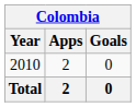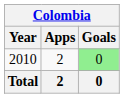 <table class="wikitable" style="text-align:center">
 <tr>
 <th colspan=3><a href='#'>Colombia</a></th>
 </tr>
 <tr>
 <th>Year</th>
 <th>Apps</th>
 <th>Goals</th>
 </tr>
 <tr>
 <td>2010</td>
 <td>2</td>
-<td>0</td>
+<td style="background: lightgreen;">0</td>
 </tr>
 <tr>
 <th>Total</th>
 <th>2</th>
 <th>0</th>
 </tr>
 </table>
